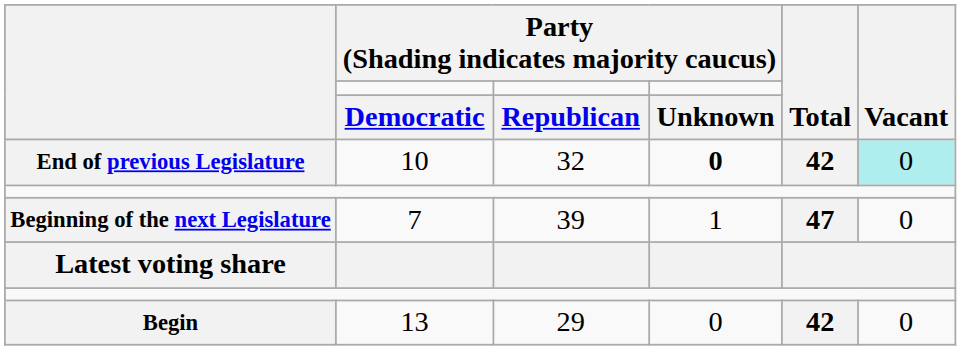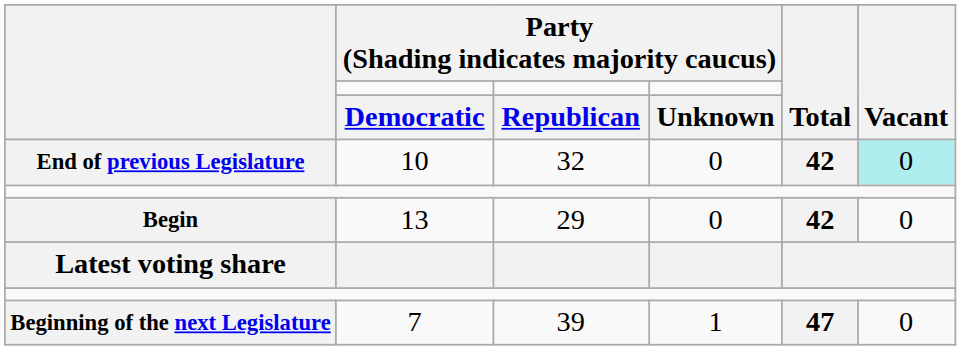 <table class=wikitable style="text-align:center">
 <tr style="vertical-align:bottom;">
 <th rowspan=3></th>
 <th colspan=3>Party <div>(Shading indicates majority caucus)</div></th>
 <th rowspan=3>Total</th>
 <th rowspan=3>Vacant</th>
 </tr>
 <tr style="height:5px">
 <td style="background-color:"></td>
 <td style="background-color:"></td>
 <td style="background-color:"></td>
 </tr>
 <tr>
 <th><a href='#'>Democratic</a></th>
 <th><a href='#'>Republican</a></th>
 <th>Unknown</th>
 </tr>
 <tr>
 <th style="white-space:nowrap; font-size:80%;">End of <a href='#'>previous Legislature</a></th>
 <td>10</td>
 <td>32</td>
-<td><strong>0</strong></td>
+<td>0</td>
 <th>42</th>
 <td style="background: paleturquoise;">0</td>
 </tr>
 <tr>
 <td colspan=6></td>
 </tr>
 <tr>
-<th style="white-space:nowrap; font-size:80%;">Beginning of the <a href='#'>next Legislature</a></th>
-<td>7</td>
-<td>39</td>
-<td>1</td>
-<th>47</th>
+<th style="font-size:80%">Begin</th>
+<td>13</td>
+<td>29</td>
+<td>0</td>
+<th>42</th>
 <td>0</td>
 </tr>
 <tr>
 <th>Latest voting share</th>
 <th></th>
 <th></th>
 <th></th>
 <th colspan=2></th>
 </tr>
 <tr>
 <td colspan=6></td>
 </tr>
 <tr>
-<th style="font-size:80%">Begin</th>
-<td>13</td>
-<td>29</td>
-<td>0</td>
-<th>42</th>
+<th style="white-space:nowrap; font-size:80%;">Beginning of the <a href='#'>next Legislature</a></th>
+<td>7</td>
+<td>39</td>
+<td>1</td>
+<th>47</th>
 <td>0</td>
 </tr>
 </table>
